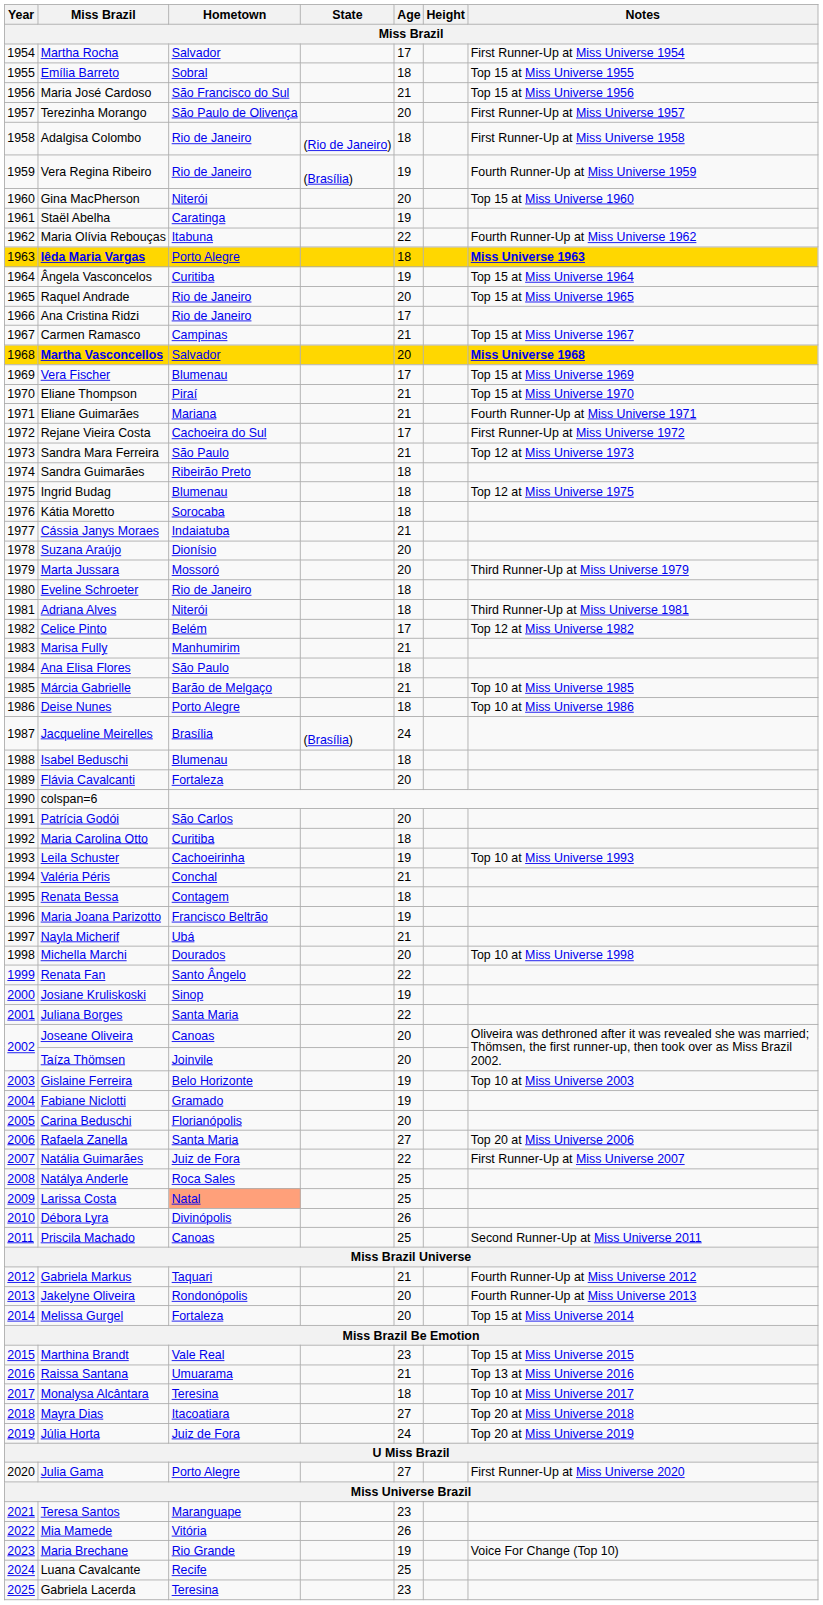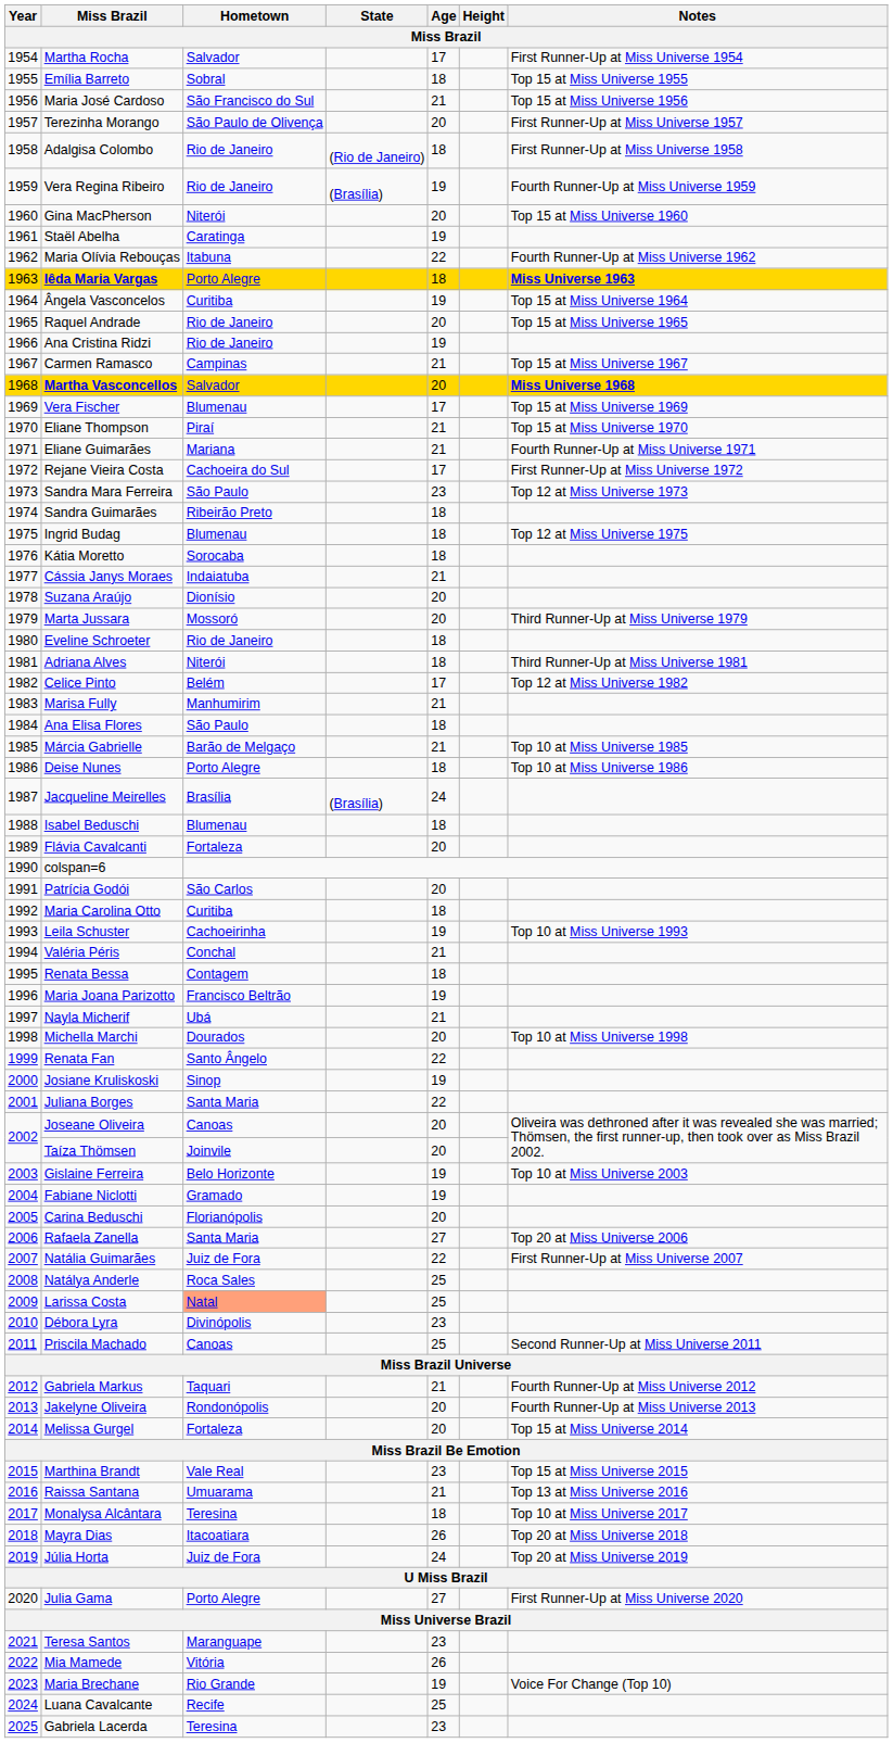 <table class="wikitable sortable" style="font-size: 90%;">
 <tr>
 <th>Year</th>
 <th>Miss Brazil</th>
 <th>Hometown</th>
 <th>State</th>
 <th>Age</th>
 <th>Height</th>
 <th>Notes</th>
 </tr>
 <tr>
 <th colspan=7>Miss Brazil</th>
 </tr>
 <tr>
 <td>1954</td>
 <td><a href='#'>Martha Rocha</a></td>
 <td><a href='#'>Salvador</a></td>
 <td></td>
 <td>17</td>
 <td></td>
 <td>First Runner-Up at <a href='#'>Miss Universe 1954</a></td>
 </tr>
 <tr>
 <td>1955</td>
 <td><a href='#'>Emília Barreto</a></td>
 <td><a href='#'>Sobral</a></td>
 <td></td>
 <td>18</td>
 <td></td>
 <td>Top 15 at <a href='#'>Miss Universe 1955</a></td>
 </tr>
 <tr>
 <td>1956</td>
 <td>Maria José Cardoso</td>
 <td><a href='#'>São Francisco do Sul</a></td>
 <td></td>
 <td>21</td>
 <td></td>
 <td>Top 15 at <a href='#'>Miss Universe 1956</a></td>
 </tr>
 <tr>
 <td>1957</td>
 <td>Terezinha Morango</td>
 <td><a href='#'>São Paulo de Olivença</a></td>
 <td></td>
 <td>20</td>
 <td></td>
 <td>First Runner-Up at <a href='#'>Miss Universe 1957</a></td>
 </tr>
 <tr>
 <td>1958</td>
 <td>Adalgisa Colombo</td>
 <td><a href='#'>Rio de Janeiro</a></td>
 <td><br>(<a href='#'>Rio de Janeiro</a>)</td>
 <td>18</td>
 <td></td>
 <td>First Runner-Up at <a href='#'>Miss Universe 1958</a></td>
 </tr>
 <tr>
 <td>1959</td>
 <td>Vera Regina Ribeiro</td>
 <td><a href='#'>Rio de Janeiro</a></td>
 <td><br>(<a href='#'>Brasília</a>)</td>
 <td>19</td>
 <td></td>
 <td>Fourth Runner-Up at <a href='#'>Miss Universe 1959</a></td>
 </tr>
 <tr>
 <td>1960</td>
 <td>Gina MacPherson</td>
 <td><a href='#'>Niterói</a></td>
 <td></td>
 <td>20</td>
 <td></td>
 <td>Top 15 at <a href='#'>Miss Universe 1960</a></td>
 </tr>
 <tr>
 <td>1961</td>
 <td>Staël Abelha</td>
 <td><a href='#'>Caratinga</a></td>
 <td></td>
 <td>19</td>
 <td></td>
 <td></td>
 </tr>
 <tr>
 <td>1962</td>
 <td>Maria Olívia Rebouças</td>
 <td><a href='#'>Itabuna</a></td>
 <td></td>
 <td>22</td>
 <td></td>
 <td>Fourth Runner-Up at <a href='#'>Miss Universe 1962</a></td>
 </tr>
 <tr bgcolor=gold>
 <td>1963</td>
 <td><strong><a href='#'>Iêda Maria Vargas</a></strong></td>
 <td><a href='#'>Porto Alegre</a></td>
 <td></td>
 <td>18</td>
 <td></td>
 <td><strong><a href='#'>Miss Universe 1963</a></strong></td>
 </tr>
 <tr>
 <td>1964</td>
 <td>Ângela Vasconcelos</td>
 <td><a href='#'>Curitiba</a></td>
 <td></td>
 <td>19</td>
 <td></td>
 <td>Top 15 at <a href='#'>Miss Universe 1964</a></td>
 </tr>
 <tr>
 <td>1965</td>
 <td>Raquel Andrade</td>
 <td><a href='#'>Rio de Janeiro</a></td>
 <td></td>
 <td>20</td>
 <td></td>
 <td>Top 15 at <a href='#'>Miss Universe 1965</a></td>
 </tr>
 <tr>
 <td>1966</td>
 <td>Ana Cristina Ridzi</td>
 <td><a href='#'>Rio de Janeiro</a></td>
 <td></td>
-<td>17</td>
+<td>19</td>
 <td></td>
 <td></td>
 </tr>
 <tr>
 <td>1967</td>
 <td>Carmen Ramasco</td>
 <td><a href='#'>Campinas</a></td>
 <td></td>
 <td>21</td>
 <td></td>
 <td>Top 15 at <a href='#'>Miss Universe 1967</a></td>
 </tr>
 <tr bgcolor=gold>
 <td>1968</td>
 <td><strong><a href='#'>Martha Vasconcellos</a></strong></td>
 <td><a href='#'>Salvador</a></td>
 <td></td>
 <td>20</td>
 <td></td>
 <td><strong><a href='#'>Miss Universe 1968</a></strong></td>
 </tr>
 <tr>
 <td>1969</td>
 <td><a href='#'>Vera Fischer</a></td>
 <td><a href='#'>Blumenau</a></td>
 <td></td>
 <td>17</td>
 <td></td>
 <td>Top 15 at <a href='#'>Miss Universe 1969</a></td>
 </tr>
 <tr>
 <td>1970</td>
 <td>Eliane Thompson</td>
 <td><a href='#'>Piraí</a></td>
 <td></td>
 <td>21</td>
 <td></td>
 <td>Top 15 at <a href='#'>Miss Universe 1970</a></td>
 </tr>
 <tr>
 <td>1971</td>
 <td>Eliane Guimarães</td>
 <td><a href='#'>Mariana</a></td>
 <td></td>
 <td>21</td>
 <td></td>
 <td>Fourth Runner-Up at <a href='#'>Miss Universe 1971</a></td>
 </tr>
 <tr>
 <td>1972</td>
 <td>Rejane Vieira Costa</td>
 <td><a href='#'>Cachoeira do Sul</a></td>
 <td></td>
 <td>17</td>
 <td></td>
 <td>First Runner-Up at <a href='#'>Miss Universe 1972</a></td>
 </tr>
 <tr>
 <td>1973</td>
 <td>Sandra Mara Ferreira</td>
 <td><a href='#'>São Paulo</a></td>
 <td></td>
-<td>21</td>
+<td>23</td>
 <td></td>
 <td>Top 12 at <a href='#'>Miss Universe 1973</a></td>
 </tr>
 <tr>
 <td>1974</td>
 <td>Sandra Guimarães</td>
 <td><a href='#'>Ribeirão Preto</a></td>
 <td></td>
 <td>18</td>
 <td></td>
 <td></td>
 </tr>
 <tr>
 <td>1975</td>
 <td>Ingrid Budag</td>
 <td><a href='#'>Blumenau</a></td>
 <td></td>
 <td>18</td>
 <td></td>
 <td>Top 12 at <a href='#'>Miss Universe 1975</a></td>
 </tr>
 <tr>
 <td>1976</td>
 <td>Kátia Moretto</td>
 <td><a href='#'>Sorocaba</a></td>
 <td></td>
 <td>18</td>
 <td></td>
 <td></td>
 </tr>
 <tr>
 <td>1977</td>
 <td><a href='#'>Cássia Janys Moraes</a></td>
 <td><a href='#'>Indaiatuba</a></td>
 <td></td>
 <td>21</td>
 <td></td>
 <td></td>
 </tr>
 <tr>
 <td>1978</td>
 <td><a href='#'>Suzana Araújo</a></td>
 <td><a href='#'>Dionísio</a></td>
 <td></td>
 <td>20</td>
 <td></td>
 <td></td>
 </tr>
 <tr>
 <td>1979</td>
 <td><a href='#'>Marta Jussara</a></td>
 <td><a href='#'>Mossoró</a></td>
 <td></td>
 <td>20</td>
 <td></td>
 <td>Third Runner-Up at <a href='#'>Miss Universe 1979</a></td>
 </tr>
 <tr>
 <td>1980</td>
 <td><a href='#'>Eveline Schroeter</a></td>
 <td><a href='#'>Rio de Janeiro</a></td>
 <td></td>
 <td>18</td>
 <td></td>
 <td></td>
 </tr>
 <tr>
 <td>1981</td>
 <td><a href='#'>Adriana Alves</a></td>
 <td><a href='#'>Niterói</a></td>
 <td></td>
 <td>18</td>
 <td></td>
 <td>Third Runner-Up at <a href='#'>Miss Universe 1981</a></td>
 </tr>
 <tr>
 <td>1982</td>
 <td><a href='#'>Celice Pinto</a></td>
 <td><a href='#'>Belém</a></td>
 <td></td>
 <td>17</td>
 <td></td>
 <td>Top 12 at <a href='#'>Miss Universe 1982</a></td>
 </tr>
 <tr>
 <td>1983</td>
 <td><a href='#'>Marisa Fully</a></td>
 <td><a href='#'>Manhumirim</a></td>
 <td></td>
 <td>21</td>
 <td></td>
 <td></td>
 </tr>
 <tr>
 <td>1984</td>
 <td><a href='#'>Ana Elisa Flores</a></td>
 <td><a href='#'>São Paulo</a></td>
 <td></td>
 <td>18</td>
 <td></td>
 <td></td>
 </tr>
 <tr>
 <td>1985</td>
 <td><a href='#'>Márcia Gabrielle</a></td>
 <td><a href='#'>Barão de Melgaço</a></td>
 <td></td>
 <td>21</td>
 <td></td>
 <td>Top 10 at <a href='#'>Miss Universe 1985</a></td>
 </tr>
 <tr>
 <td>1986</td>
 <td><a href='#'>Deise Nunes</a></td>
 <td><a href='#'>Porto Alegre</a></td>
 <td></td>
 <td>18</td>
 <td></td>
 <td>Top 10 at <a href='#'>Miss Universe 1986</a></td>
 </tr>
 <tr>
 <td>1987</td>
 <td><a href='#'>Jacqueline Meirelles</a></td>
 <td><a href='#'>Brasília</a></td>
 <td><br>(<a href='#'>Brasília</a>)</td>
 <td>24</td>
 <td></td>
 <td></td>
 </tr>
 <tr>
 <td>1988</td>
 <td><a href='#'>Isabel Beduschi</a></td>
 <td><a href='#'>Blumenau</a></td>
 <td></td>
 <td>18</td>
 <td></td>
 <td></td>
 </tr>
 <tr>
 <td>1989</td>
 <td><a href='#'>Flávia Cavalcanti</a></td>
 <td><a href='#'>Fortaleza</a></td>
 <td></td>
 <td>20</td>
 <td></td>
 <td></td>
 </tr>
 <tr>
 <td>1990</td>
 <td>colspan=6 </td>
 </tr>
 <tr>
 <td>1991</td>
 <td><a href='#'>Patrícia Godói</a></td>
 <td><a href='#'>São Carlos</a></td>
 <td></td>
 <td>20</td>
 <td></td>
 <td></td>
 </tr>
 <tr>
 <td>1992</td>
 <td><a href='#'>Maria Carolina Otto</a></td>
 <td><a href='#'>Curitiba</a></td>
 <td></td>
 <td>18</td>
 <td></td>
 <td></td>
 </tr>
 <tr>
 <td>1993</td>
 <td><a href='#'>Leila Schuster</a></td>
 <td><a href='#'>Cachoeirinha</a></td>
 <td></td>
 <td>19</td>
 <td></td>
 <td>Top 10 at <a href='#'>Miss Universe 1993</a></td>
 </tr>
 <tr>
 <td>1994</td>
 <td><a href='#'>Valéria Péris</a></td>
 <td><a href='#'>Conchal</a></td>
 <td></td>
 <td>21</td>
 <td></td>
 <td></td>
 </tr>
 <tr>
 <td>1995</td>
 <td><a href='#'>Renata Bessa</a></td>
 <td><a href='#'>Contagem</a></td>
 <td></td>
 <td>18</td>
 <td></td>
 <td></td>
 </tr>
 <tr>
 <td>1996</td>
 <td><a href='#'>Maria Joana Parizotto</a></td>
 <td><a href='#'>Francisco Beltrão</a></td>
 <td></td>
 <td>19</td>
 <td></td>
 <td></td>
 </tr>
 <tr>
 <td>1997</td>
 <td><a href='#'>Nayla Micherif</a></td>
 <td><a href='#'>Ubá</a></td>
 <td></td>
 <td>21</td>
 <td></td>
 <td></td>
 </tr>
 <tr>
 <td>1998</td>
 <td><a href='#'>Michella Marchi</a></td>
 <td><a href='#'>Dourados</a></td>
 <td></td>
 <td>20</td>
 <td></td>
 <td>Top 10 at <a href='#'>Miss Universe 1998</a></td>
 </tr>
 <tr>
 <td><a href='#'>1999</a></td>
 <td><a href='#'>Renata Fan</a></td>
 <td><a href='#'>Santo Ângelo</a></td>
 <td></td>
 <td>22</td>
 <td></td>
 <td></td>
 </tr>
 <tr>
 <td><a href='#'>2000</a></td>
 <td><a href='#'>Josiane Kruliskoski</a></td>
 <td><a href='#'>Sinop</a></td>
 <td></td>
 <td>19</td>
 <td></td>
 <td></td>
 </tr>
 <tr>
 <td><a href='#'>2001</a></td>
 <td><a href='#'>Juliana Borges</a></td>
 <td><a href='#'>Santa Maria</a></td>
 <td></td>
 <td>22</td>
 <td></td>
 <td></td>
 </tr>
 <tr>
 <td rowspan=2><a href='#'>2002</a></td>
 <td><a href='#'>Joseane Oliveira</a></td>
 <td><a href='#'>Canoas</a></td>
 <td></td>
 <td>20</td>
 <td></td>
 <td width=400 rowspan=2>Oliveira was dethroned after it was revealed she was married; Thömsen, the first runner-up, then took over as Miss Brazil 2002.</td>
 </tr>
 <tr>
 <td><a href='#'>Taíza Thömsen</a></td>
 <td><a href='#'>Joinvile</a></td>
 <td></td>
 <td>20</td>
 <td></td>
 </tr>
 <tr>
 <td><a href='#'>2003</a></td>
 <td><a href='#'>Gislaine Ferreira</a></td>
 <td><a href='#'>Belo Horizonte</a></td>
 <td></td>
 <td>19</td>
 <td></td>
 <td>Top 10 at <a href='#'>Miss Universe 2003</a></td>
 </tr>
 <tr>
 <td><a href='#'>2004</a></td>
 <td><a href='#'>Fabiane Niclotti</a></td>
 <td><a href='#'>Gramado</a></td>
 <td></td>
 <td>19</td>
 <td></td>
 <td></td>
 </tr>
 <tr>
 <td><a href='#'>2005</a></td>
 <td><a href='#'>Carina Beduschi</a></td>
 <td><a href='#'>Florianópolis</a></td>
 <td></td>
 <td>20</td>
 <td></td>
 <td></td>
 </tr>
 <tr>
 <td><a href='#'>2006</a></td>
 <td><a href='#'>Rafaela Zanella</a></td>
 <td><a href='#'>Santa Maria</a></td>
 <td></td>
 <td>27</td>
 <td></td>
 <td>Top 20 at <a href='#'>Miss Universe 2006</a></td>
 </tr>
 <tr>
 <td><a href='#'>2007</a></td>
 <td><a href='#'>Natália Guimarães</a></td>
 <td><a href='#'>Juiz de Fora</a></td>
 <td></td>
 <td>22</td>
 <td></td>
 <td>First Runner-Up at <a href='#'>Miss Universe 2007</a></td>
 </tr>
 <tr>
 <td><a href='#'>2008</a></td>
 <td><a href='#'>Natálya Anderle</a></td>
 <td><a href='#'>Roca Sales</a></td>
 <td></td>
 <td>25</td>
 <td></td>
 <td></td>
 </tr>
 <tr>
 <td><a href='#'>2009</a></td>
 <td><a href='#'>Larissa Costa</a></td>
 <td style="background: lightsalmon;"><a href='#'>Natal</a></td>
 <td></td>
 <td>25</td>
 <td></td>
 <td></td>
 </tr>
 <tr>
 <td><a href='#'>2010</a></td>
 <td><a href='#'>Débora Lyra</a></td>
 <td><a href='#'>Divinópolis</a></td>
 <td></td>
-<td>26</td>
+<td>23</td>
 <td></td>
 <td></td>
 </tr>
 <tr>
 <td><a href='#'>2011</a></td>
 <td><a href='#'>Priscila Machado</a></td>
 <td><a href='#'>Canoas</a></td>
 <td></td>
 <td>25</td>
 <td></td>
 <td>Second Runner-Up at <a href='#'>Miss Universe 2011</a></td>
 </tr>
 <tr>
 <th colspan=7>Miss Brazil Universe</th>
 </tr>
 <tr>
 <td><a href='#'>2012</a></td>
 <td><a href='#'>Gabriela Markus</a></td>
 <td><a href='#'>Taquari</a></td>
 <td></td>
 <td>21</td>
 <td></td>
 <td>Fourth Runner-Up at <a href='#'>Miss Universe 2012</a></td>
 </tr>
 <tr>
 <td><a href='#'>2013</a></td>
 <td><a href='#'>Jakelyne Oliveira</a></td>
 <td><a href='#'>Rondonópolis</a></td>
 <td></td>
 <td>20</td>
 <td></td>
 <td>Fourth Runner-Up at <a href='#'>Miss Universe 2013</a></td>
 </tr>
 <tr>
 <td><a href='#'>2014</a></td>
 <td><a href='#'>Melissa Gurgel</a></td>
 <td><a href='#'>Fortaleza</a></td>
 <td></td>
 <td>20</td>
 <td></td>
 <td>Top 15 at <a href='#'>Miss Universe 2014</a></td>
 </tr>
 <tr>
 <th colspan=7>Miss Brazil Be Emotion</th>
 </tr>
 <tr>
 <td><a href='#'>2015</a></td>
 <td><a href='#'>Marthina Brandt</a></td>
 <td><a href='#'>Vale Real</a></td>
 <td></td>
 <td>23</td>
 <td></td>
 <td>Top 15 at <a href='#'>Miss Universe 2015</a></td>
 </tr>
 <tr>
 <td><a href='#'>2016</a></td>
 <td><a href='#'>Raissa Santana</a></td>
 <td><a href='#'>Umuarama</a></td>
 <td></td>
 <td>21</td>
 <td></td>
 <td>Top 13 at <a href='#'>Miss Universe 2016</a></td>
 </tr>
 <tr>
 <td><a href='#'>2017</a></td>
 <td><a href='#'>Monalysa Alcântara</a></td>
 <td><a href='#'>Teresina</a></td>
 <td></td>
 <td>18</td>
 <td></td>
 <td>Top 10 at <a href='#'>Miss Universe 2017</a></td>
 </tr>
 <tr>
 <td><a href='#'>2018</a></td>
 <td><a href='#'>Mayra Dias</a></td>
 <td><a href='#'>Itacoatiara</a></td>
 <td></td>
-<td>27</td>
+<td>26</td>
 <td></td>
 <td>Top 20 at <a href='#'>Miss Universe 2018</a></td>
 </tr>
 <tr>
 <td><a href='#'>2019</a></td>
 <td><a href='#'>Júlia Horta</a></td>
 <td><a href='#'>Juiz de Fora</a></td>
 <td></td>
 <td>24</td>
 <td></td>
 <td>Top 20 at <a href='#'>Miss Universe 2019</a></td>
 </tr>
 <tr>
 <th colspan=7>U Miss Brazil</th>
 </tr>
 <tr>
 <td>2020</td>
 <td><a href='#'>Julia Gama</a></td>
 <td><a href='#'>Porto Alegre</a></td>
 <td></td>
 <td>27</td>
 <td></td>
 <td>First Runner-Up at <a href='#'>Miss Universe 2020</a></td>
 </tr>
 <tr>
 <th colspan=7>Miss Universe Brazil</th>
 </tr>
 <tr>
 <td><a href='#'>2021</a></td>
 <td><a href='#'>Teresa Santos</a></td>
 <td><a href='#'>Maranguape</a></td>
 <td></td>
 <td>23</td>
 <td></td>
 <td></td>
 </tr>
 <tr>
 <td><a href='#'>2022</a></td>
 <td><a href='#'>Mia Mamede</a></td>
 <td><a href='#'>Vitória</a></td>
 <td></td>
 <td>26</td>
 <td></td>
 <td></td>
 </tr>
 <tr>
 <td><a href='#'>2023</a></td>
 <td><a href='#'>Maria Brechane</a></td>
 <td><a href='#'>Rio Grande</a></td>
 <td></td>
 <td>19</td>
 <td></td>
 <td>Voice For Change (Top 10)</td>
 </tr>
 <tr>
 <td><a href='#'>2024</a></td>
 <td>Luana Cavalcante</td>
 <td><a href='#'>Recife</a></td>
 <td></td>
 <td>25</td>
 <td></td>
 <td></td>
 </tr>
 <tr>
 <td><a href='#'>2025</a></td>
 <td>Gabriela Lacerda</td>
 <td><a href='#'>Teresina</a></td>
 <td></td>
 <td>23</td>
 <td></td>
 <td></td>
 </tr>
 </table>
